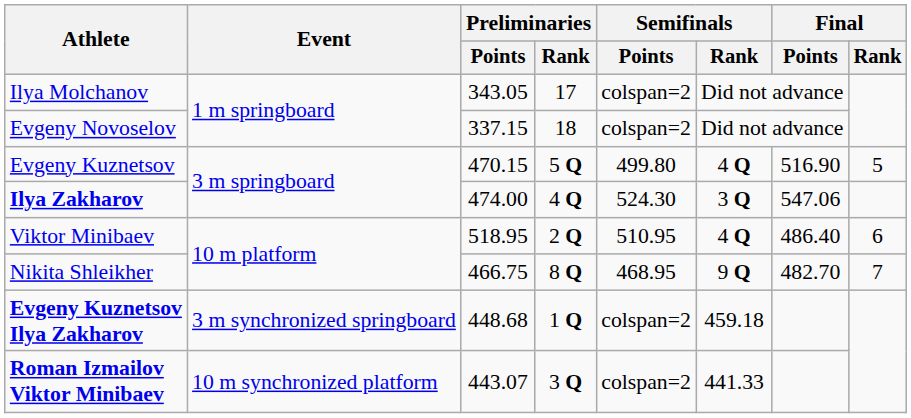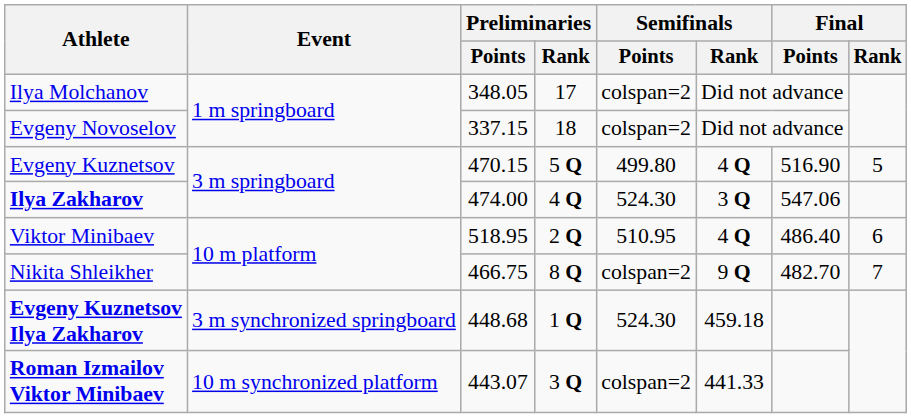 <table class=wikitable style="font-size:90%;">
 <tr>
 <th rowspan="2">Athlete</th>
 <th rowspan="2">Event</th>
 <th colspan="2">Preliminaries</th>
 <th colspan="2">Semifinals</th>
 <th colspan="2">Final</th>
 </tr>
 <tr style="font-size:95%">
 <th>Points</th>
 <th>Rank</th>
 <th>Points</th>
 <th>Rank</th>
 <th>Points</th>
 <th>Rank</th>
 </tr>
 <tr align=center>
 <td align=left><a href='#'>Ilya Molchanov</a></td>
 <td align=left rowspan=2><a href='#'>1 m springboard</a></td>
-<td>343.05</td>
+<td>348.05</td>
 <td>17</td>
 <td>colspan=2 </td>
 <td colspan=2>Did not advance</td>
 </tr>
 <tr align=center>
 <td align=left><a href='#'>Evgeny Novoselov</a></td>
 <td>337.15</td>
 <td>18</td>
 <td>colspan=2 </td>
 <td colspan=2>Did not advance</td>
 </tr>
 <tr align=center>
 <td align=left><a href='#'>Evgeny Kuznetsov</a></td>
 <td align=left rowspan=2><a href='#'>3 m springboard</a></td>
 <td>470.15</td>
 <td>5 <strong>Q</strong></td>
 <td>499.80</td>
 <td>4 <strong>Q</strong></td>
 <td>516.90</td>
 <td>5</td>
 </tr>
 <tr align=center>
 <td align=left><strong><a href='#'>Ilya Zakharov</a></strong></td>
 <td>474.00</td>
 <td>4 <strong>Q</strong></td>
 <td>524.30</td>
 <td>3 <strong>Q</strong></td>
 <td>547.06</td>
 <td></td>
 </tr>
 <tr align=center>
 <td align=left><a href='#'>Viktor Minibaev</a></td>
 <td align=left rowspan=2><a href='#'>10 m platform</a></td>
 <td>518.95</td>
 <td>2 <strong>Q</strong></td>
 <td>510.95</td>
 <td>4 <strong>Q</strong></td>
 <td>486.40</td>
 <td>6</td>
 </tr>
 <tr align=center>
 <td align=left><a href='#'>Nikita Shleikher</a></td>
 <td>466.75</td>
 <td>8 <strong>Q</strong></td>
-<td>468.95</td>
+<td>colspan=2 </td>
 <td>9 <strong>Q</strong></td>
 <td>482.70</td>
 <td>7</td>
 </tr>
 <tr align=center>
 <td align=left><strong><a href='#'>Evgeny Kuznetsov</a><br><a href='#'>Ilya Zakharov</a></strong></td>
 <td align=left><a href='#'>3 m synchronized springboard</a></td>
 <td>448.68</td>
 <td>1 <strong>Q</strong></td>
-<td>colspan=2 </td>
+<td>524.30</td>
 <td>459.18</td>
 <td></td>
 </tr>
 <tr align=center>
 <td align=left><strong><a href='#'>Roman Izmailov</a><br><a href='#'>Viktor Minibaev</a></strong></td>
 <td align=left><a href='#'>10 m synchronized platform</a></td>
 <td>443.07</td>
 <td>3 <strong>Q</strong></td>
 <td>colspan=2 </td>
 <td>441.33</td>
 <td></td>
 </tr>
 </table>
